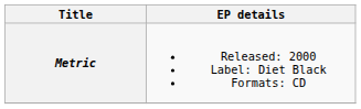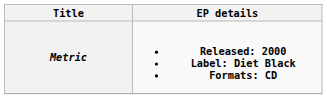 <table class="wikitable plainrowheaders" style="text-align:center;">
 <tr>
 <th scope="col" style="width:12em;">Title</th>
 <th scope="col" style="width:18em;">EP details</th>
 </tr>
 <tr>
 <th scope="row"><em>Metric</em></th>
-<td><br><ul><li>Released: 2000</li><li>Label: Diet Black</li><li>Formats: CD</li></ul></td>
+<td><strong><br><ul><li>Released: 2000</li><li>Label: Diet Black</li><li>Formats: CD</li></ul></strong></td>
 </tr>
 <tr>
 </tr>
 </table>
